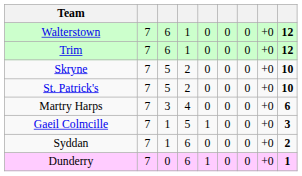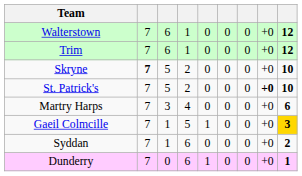 <table class="wikitable" style="text-align:center">
 <tr>
 <th style="width:175px;">Team</th>
 <th width="20"></th>
 <th width="20"></th>
 <th width="20"></th>
 <th width="20"></th>
 <th width="20"></th>
 <th width="20"></th>
 <th width="20"></th>
 <th width="20"></th>
 </tr>
 <tr style="background:#cfc;">
 <td><a href='#'>Walterstown</a></td>
 <td>7</td>
 <td>6</td>
 <td>1</td>
 <td>0</td>
 <td>0</td>
 <td>0</td>
 <td>+0</td>
 <td><strong>12</strong></td>
 </tr>
 <tr style="background:#cfc;">
 <td><a href='#'>Trim</a></td>
 <td>7</td>
 <td>6</td>
 <td>1</td>
 <td>0</td>
 <td>0</td>
 <td>0</td>
 <td>+0</td>
 <td><strong>12</strong></td>
 </tr>
 <tr>
 <td><a href='#'>Skryne</a></td>
-<td>7</td>
+<td><strong>7</strong></td>
 <td>5</td>
 <td>2</td>
 <td>0</td>
 <td>0</td>
 <td>0</td>
 <td>+0</td>
 <td><strong>10</strong></td>
 </tr>
 <tr>
 <td><a href='#'>St. Patrick's</a></td>
 <td>7</td>
 <td>5</td>
 <td>2</td>
 <td>0</td>
 <td>0</td>
 <td>0</td>
-<td>+0</td>
+<td><strong>+0</strong></td>
 <td><strong>10</strong></td>
 </tr>
 <tr>
 <td>Martry Harps</td>
 <td>7</td>
 <td>3</td>
 <td>4</td>
 <td>0</td>
 <td>0</td>
 <td>0</td>
 <td>+0</td>
 <td><strong>6</strong></td>
 </tr>
 <tr>
 <td><a href='#'>Gaeil Colmcille</a></td>
 <td>7</td>
 <td>1</td>
 <td>5</td>
 <td>1</td>
 <td>0</td>
 <td>0</td>
 <td>+0</td>
-<td><strong>3</strong></td>
+<td style="background: gold;"><strong>3</strong></td>
 </tr>
 <tr>
 <td>Syddan</td>
 <td>7</td>
 <td>1</td>
 <td>6</td>
 <td>0</td>
 <td>0</td>
 <td>0</td>
 <td>+0</td>
 <td><strong>2</strong></td>
 </tr>
 <tr style="background:#fcf;">
 <td>Dunderry</td>
 <td>7</td>
 <td>0</td>
 <td>6</td>
 <td>1</td>
 <td>0</td>
 <td>0</td>
 <td>+0</td>
 <td><strong>1</strong></td>
 </tr>
 </table>
